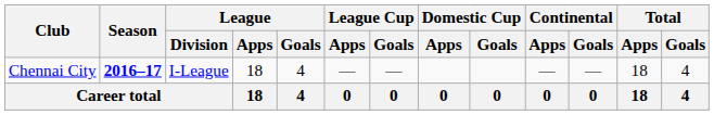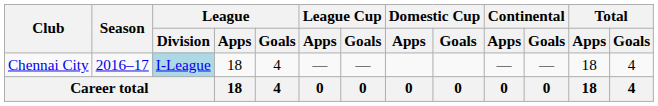 <table class="wikitable" style="text-align: center;">
 <tr>
 <th rowspan="2">Club</th>
 <th rowspan="2">Season</th>
 <th colspan="3">League</th>
 <th colspan="2">League Cup</th>
 <th colspan="2">Domestic Cup</th>
 <th colspan="2">Continental</th>
 <th colspan="2">Total</th>
 </tr>
 <tr>
 <th>Division</th>
 <th>Apps</th>
 <th>Goals</th>
 <th>Apps</th>
 <th>Goals</th>
 <th>Apps</th>
 <th>Goals</th>
 <th>Apps</th>
 <th>Goals</th>
 <th>Apps</th>
 <th>Goals</th>
 </tr>
 <tr>
 <td rowspan="1"><a href='#'>Chennai City</a></td>
-<td><strong><a href='#'>2016–17</a></strong></td>
-<td><a href='#'>I-League</a></td>
+<td><a href='#'>2016–17</a></td>
+<td style="background: lightblue;"><a href='#'>I-League</a></td>
 <td>18</td>
 <td>4</td>
 <td>—</td>
 <td>—</td>
 <td></td>
 <td></td>
 <td>—</td>
 <td>—</td>
 <td>18</td>
 <td>4</td>
 </tr>
 <tr>
 <th colspan="3">Career total</th>
 <th>18</th>
 <th>4</th>
 <th>0</th>
 <th>0</th>
 <th>0</th>
 <th>0</th>
 <th>0</th>
 <th>0</th>
 <th>18</th>
 <th>4</th>
 </tr>
 </table>
